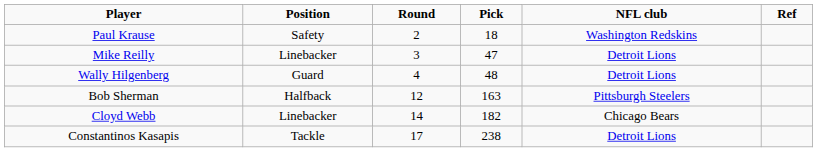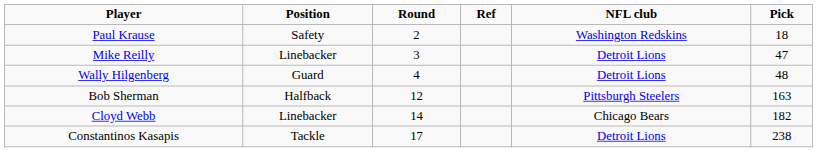 <table class="wikitable" width="80%">
 <tr align="center">
 <td><strong>Player</strong></td>
 <td><strong>Position</strong></td>
 <td><strong>Round</strong></td>
+<td><strong>Ref</strong></td>
+<td><strong>NFL club</strong></td>
 <td><strong>Pick</strong></td>
-<td><strong>NFL club</strong></td>
-<td><strong>Ref</strong></td>
 </tr>
 <tr align="center" bgcolor="">
 <td><a href='#'>Paul Krause</a></td>
 <td>Safety</td>
 <td>2</td>
+<td></td>
+<td><a href='#'>Washington Redskins</a></td>
 <td>18</td>
-<td><a href='#'>Washington Redskins</a></td>
-<td></td>
 </tr>
 <tr align="center" bgcolor="">
 <td><a href='#'>Mike Reilly</a></td>
 <td>Linebacker</td>
 <td>3</td>
+<td></td>
+<td><a href='#'>Detroit Lions</a></td>
 <td>47</td>
-<td><a href='#'>Detroit Lions</a></td>
-<td></td>
 </tr>
 <tr align="center" bgcolor="">
 <td><a href='#'>Wally Hilgenberg</a></td>
 <td>Guard</td>
 <td>4</td>
+<td></td>
+<td><a href='#'>Detroit Lions</a></td>
 <td>48</td>
-<td><a href='#'>Detroit Lions</a></td>
-<td></td>
 </tr>
 <tr align="center" bgcolor="">
 <td>Bob Sherman</td>
 <td>Halfback</td>
 <td>12</td>
+<td></td>
+<td><a href='#'>Pittsburgh Steelers</a></td>
 <td>163</td>
-<td><a href='#'>Pittsburgh Steelers</a></td>
-<td></td>
 </tr>
 <tr align="center" bgcolor="">
 <td><a href='#'>Cloyd Webb</a></td>
 <td>Linebacker</td>
 <td>14</td>
+<td></td>
+<td>Chicago Bears</td>
 <td>182</td>
-<td>Chicago Bears</td>
-<td></td>
 </tr>
 <tr align="center" bgcolor="">
 <td>Constantinos Kasapis</td>
 <td>Tackle</td>
 <td>17</td>
+<td></td>
+<td><a href='#'>Detroit Lions</a></td>
 <td>238</td>
-<td><a href='#'>Detroit Lions</a></td>
-<td></td>
 </tr>
 </table>
